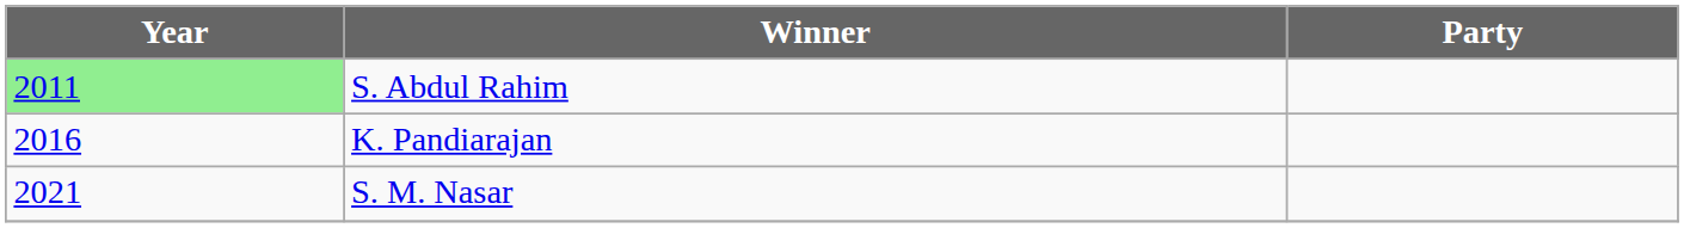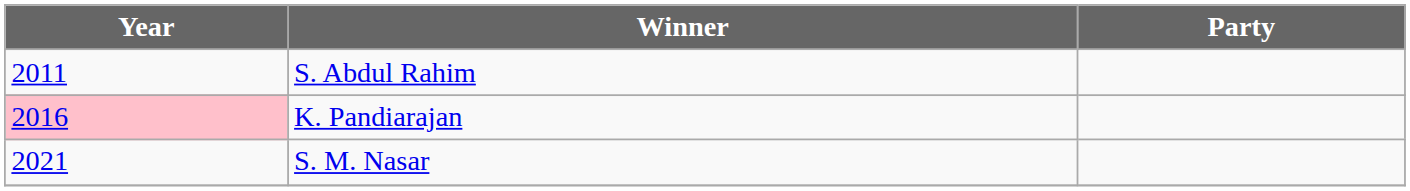 <table class="wikitable sortable" width="50%">
 <tr>
 <th style="background-color:#666666; color:white">Year</th>
 <th style="background-color:#666666; color:white">Winner</th>
 <th style="background-color:#666666; color:white" colspan="2">Party</th>
 </tr>
 <tr>
-<td style="background: lightgreen;"><a href='#'>2011</a></td>
+<td><a href='#'>2011</a></td>
 <td><a href='#'>S. Abdul Rahim</a></td>
 <td></td>
 </tr>
 <tr>
-<td><a href='#'>2016</a></td>
+<td style="background: pink;"><a href='#'>2016</a></td>
 <td><a href='#'>K. Pandiarajan</a></td>
 </tr>
 <tr>
 <td><a href='#'>2021</a></td>
 <td><a href='#'>S. M. Nasar</a></td>
 <td></td>
 </tr>
 <tr>
 </tr>
 </table>
